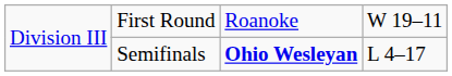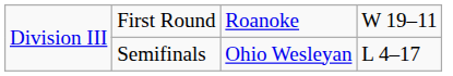 <table class="wikitable">
 <tr>
 <td rowspan="5"><a href='#'>Division III</a></td>
 <td>First Round</td>
 <td><a href='#'>Roanoke</a></td>
 <td>W 19–11</td>
 </tr>
 <tr>
 <td>Semifinals</td>
-<td><strong><a href='#'>Ohio Wesleyan</a></strong></td>
+<td><a href='#'>Ohio Wesleyan</a></td>
 <td>L 4–17</td>
 </tr>
 </table>
